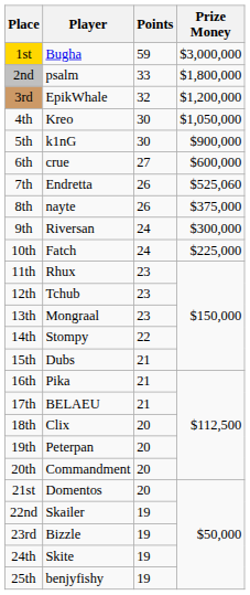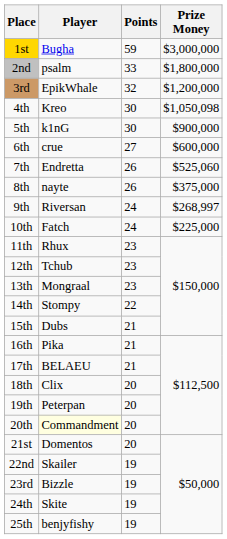 <table class="wikitable" style="display: inline-table;width: 20%;text-align:left">
 <tr>
 <th>Place</th>
 <th>Player</th>
 <th>Points</th>
 <th style="width: 82.5px;">Prize Money</th>
 </tr>
 <tr>
 <td style="text-align:center; background:gold;">1st</td>
 <td><a href='#'>Bugha</a></td>
 <td>59</td>
 <td style="text-align:right">$3,000,000</td>
 </tr>
 <tr>
 <td style="text-align:center; background:silver;">2nd</td>
 <td>psalm</td>
 <td>33</td>
 <td style="text-align:right">$1,800,000</td>
 </tr>
 <tr>
 <td style="text-align:center; background:#c96;">3rd</td>
 <td>EpikWhale</td>
 <td>32</td>
 <td style="text-align:right">$1,200,000</td>
 </tr>
 <tr>
 <td style="text-align:center">4th</td>
 <td>Kreo</td>
 <td>30</td>
-<td style="text-align:right">$1,050,000</td>
+<td style="text-align:right">$1,050,098</td>
 </tr>
 <tr>
 <td style="text-align:center">5th</td>
 <td>k1nG</td>
 <td>30</td>
 <td style="text-align:right">$900,000</td>
 </tr>
 <tr>
 <td style="text-align:center">6th</td>
 <td>crue</td>
 <td>27</td>
 <td style="text-align:right">$600,000</td>
 </tr>
 <tr>
 <td style="text-align:center">7th</td>
 <td>Endretta</td>
 <td>26</td>
 <td style="text-align:right">$525,060</td>
 </tr>
 <tr>
 <td style="text-align:center">8th</td>
 <td>nayte</td>
 <td>26</td>
 <td style="text-align:right">$375,000</td>
 </tr>
 <tr>
 <td style="text-align:center">9th</td>
 <td>Riversan</td>
 <td>24</td>
-<td style="text-align:right">$300,000</td>
+<td style="text-align:right">$268,997</td>
 </tr>
 <tr>
 <td style="text-align:center">10th</td>
 <td>Fatch</td>
 <td>24</td>
 <td style="text-align:right">$225,000</td>
 </tr>
 <tr>
 <td style="text-align:center">11th</td>
 <td>Rhux</td>
 <td>23</td>
 <td style="text-align:right" rowspan="5">$150,000</td>
 </tr>
 <tr>
 <td style="text-align:center">12th</td>
 <td>Tchub</td>
 <td>23</td>
 </tr>
 <tr>
 <td style="text-align:center">13th</td>
 <td>Mongraal</td>
 <td>23</td>
 </tr>
 <tr>
 <td style="text-align:center">14th</td>
 <td>Stompy</td>
 <td>22</td>
 </tr>
 <tr>
 <td style="text-align:center">15th</td>
 <td>Dubs</td>
 <td>21</td>
 </tr>
 <tr>
 <td style="text-align:center">16th</td>
 <td>Pika</td>
 <td>21</td>
 <td style="text-align:right" rowspan="5">$112,500</td>
 </tr>
 <tr>
 <td style="text-align:center">17th</td>
 <td>BELAEU</td>
 <td>21</td>
 </tr>
 <tr>
 <td style="text-align:center">18th</td>
 <td>Clix</td>
 <td>20</td>
 </tr>
 <tr>
 <td style="text-align:center">19th</td>
 <td>Peterpan</td>
 <td>20</td>
 </tr>
 <tr>
 <td style="text-align:center">20th</td>
-<td>Commandment</td>
+<td style="background: lightyellow;">Commandment</td>
 <td>20</td>
 </tr>
 <tr>
 <td style="text-align:center">21st</td>
 <td>Domentos</td>
 <td>20</td>
 <td style="text-align:right" rowspan="5">$50,000</td>
 </tr>
 <tr>
 <td style="text-align:center">22nd</td>
 <td>Skailer</td>
 <td>19</td>
 </tr>
 <tr>
 <td style="text-align:center">23rd</td>
 <td>Bizzle</td>
 <td>19</td>
 </tr>
 <tr>
 <td style="text-align:center">24th</td>
 <td>Skite</td>
 <td>19</td>
 </tr>
 <tr>
 <td style="text-align:center">25th</td>
 <td>benjyfishy</td>
 <td>19</td>
 </tr>
 </table>
